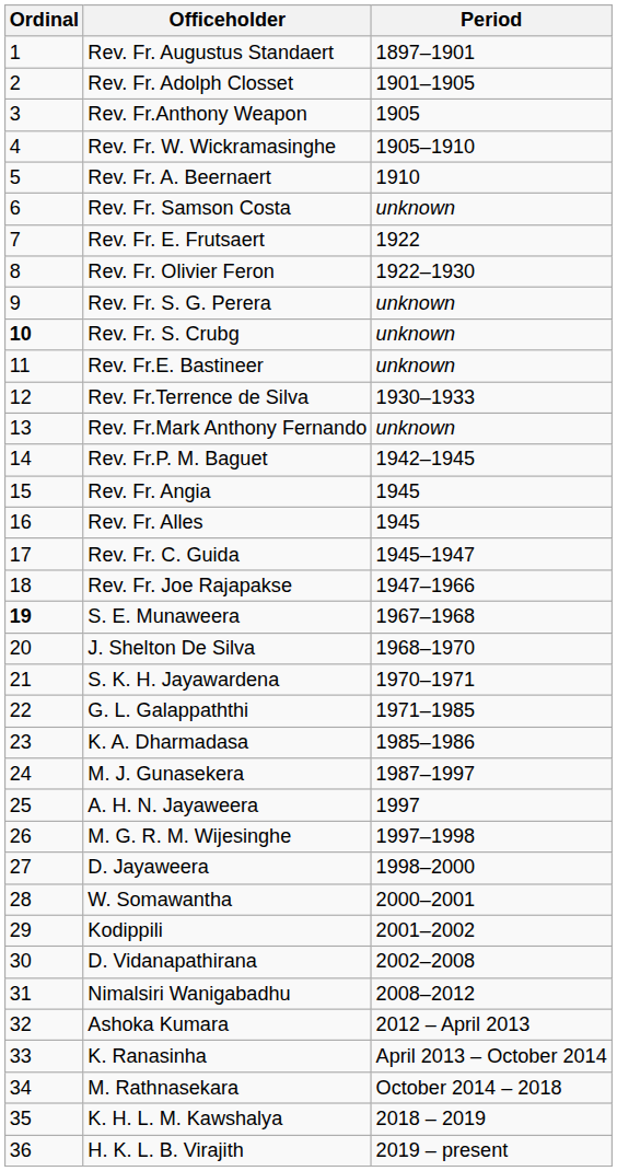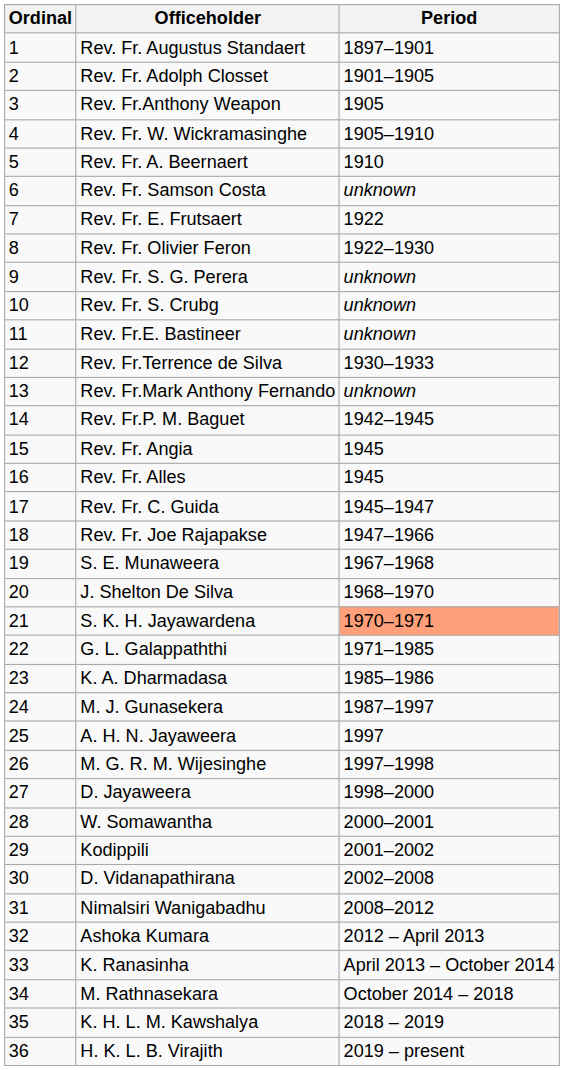 <table class="wikitable">
 <tr>
 <th>Ordinal</th>
 <th>Officeholder</th>
 <th>Period</th>
 </tr>
 <tr>
 <td>1</td>
 <td>Rev. Fr. Augustus Standaert</td>
 <td>1897–1901</td>
 </tr>
 <tr>
 <td>2</td>
 <td>Rev. Fr. Adolph Closset</td>
 <td>1901–1905</td>
 </tr>
 <tr>
 <td>3</td>
 <td>Rev. Fr.Anthony Weapon</td>
 <td>1905</td>
 </tr>
 <tr>
 <td>4</td>
 <td>Rev. Fr. W. Wickramasinghe</td>
 <td>1905–1910</td>
 </tr>
 <tr>
 <td>5</td>
 <td>Rev. Fr. A. Beernaert</td>
 <td>1910</td>
 </tr>
 <tr>
 <td>6</td>
 <td>Rev. Fr. Samson Costa</td>
 <td><em>unknown</em></td>
 </tr>
 <tr>
 <td>7</td>
 <td>Rev. Fr. E. Frutsaert</td>
 <td>1922</td>
 </tr>
 <tr>
 <td>8</td>
 <td>Rev. Fr. Olivier Feron</td>
 <td>1922–1930</td>
 </tr>
 <tr>
 <td>9</td>
 <td>Rev. Fr. S. G. Perera</td>
 <td><em>unknown</em></td>
 </tr>
 <tr>
-<td><strong>10</strong></td>
+<td>10</td>
 <td>Rev. Fr. S. Crubg</td>
 <td><em>unknown</em></td>
 </tr>
 <tr>
 <td>11</td>
 <td>Rev. Fr.E. Bastineer</td>
 <td><em>unknown</em></td>
 </tr>
 <tr>
 <td>12</td>
 <td>Rev. Fr.Terrence de Silva</td>
 <td>1930–1933</td>
 </tr>
 <tr>
 <td>13</td>
 <td>Rev. Fr.Mark Anthony Fernando</td>
 <td><em>unknown</em></td>
 </tr>
 <tr>
 <td>14</td>
 <td>Rev. Fr.P. M. Baguet</td>
 <td>1942–1945</td>
 </tr>
 <tr>
 <td>15</td>
 <td>Rev. Fr. Angia</td>
 <td>1945</td>
 </tr>
 <tr>
 <td>16</td>
 <td>Rev. Fr. Alles</td>
 <td>1945</td>
 </tr>
 <tr>
 <td>17</td>
 <td>Rev. Fr. C. Guida</td>
 <td>1945–1947</td>
 </tr>
 <tr>
 <td>18</td>
 <td>Rev. Fr. Joe Rajapakse</td>
 <td>1947–1966</td>
 </tr>
 <tr>
-<td><strong>19</strong></td>
+<td>19</td>
 <td>S. E. Munaweera</td>
 <td>1967–1968</td>
 </tr>
 <tr>
 <td>20</td>
 <td>J. Shelton De Silva</td>
 <td>1968–1970</td>
 </tr>
 <tr>
 <td>21</td>
 <td>S. K. H. Jayawardena</td>
-<td>1970–1971</td>
+<td style="background: lightsalmon;">1970–1971</td>
 </tr>
 <tr>
 <td>22</td>
 <td>G. L. Galappaththi</td>
 <td>1971–1985</td>
 </tr>
 <tr>
 <td>23</td>
 <td>K. A. Dharmadasa</td>
 <td>1985–1986</td>
 </tr>
 <tr>
 <td>24</td>
 <td>M. J. Gunasekera</td>
 <td>1987–1997</td>
 </tr>
 <tr>
 <td>25</td>
 <td>A. H. N. Jayaweera</td>
 <td>1997</td>
 </tr>
 <tr>
 <td>26</td>
 <td>M. G. R. M. Wijesinghe</td>
 <td>1997–1998</td>
 </tr>
 <tr>
 <td>27</td>
 <td>D. Jayaweera</td>
 <td>1998–2000</td>
 </tr>
 <tr>
 <td>28</td>
 <td>W. Somawantha</td>
 <td>2000–2001</td>
 </tr>
 <tr>
 <td>29</td>
 <td>Kodippili</td>
 <td>2001–2002</td>
 </tr>
 <tr>
 <td>30</td>
 <td>D. Vidanapathirana</td>
 <td>2002–2008</td>
 </tr>
 <tr>
 <td>31</td>
 <td>Nimalsiri Wanigabadhu</td>
 <td>2008–2012</td>
 </tr>
 <tr>
 <td>32</td>
 <td>Ashoka Kumara</td>
 <td>2012 – April 2013</td>
 </tr>
 <tr>
 <td>33</td>
 <td>K. Ranasinha</td>
 <td>April 2013 – October 2014</td>
 </tr>
 <tr>
 <td>34</td>
 <td>M. Rathnasekara</td>
 <td>October 2014 – 2018</td>
 </tr>
 <tr>
 <td>35</td>
 <td>K. H. L. M. Kawshalya</td>
 <td>2018 – 2019</td>
 </tr>
 <tr>
 <td>36</td>
 <td>H. K. L. B. Virajith</td>
 <td>2019 – present</td>
 </tr>
 <tr>
 </tr>
 </table>
